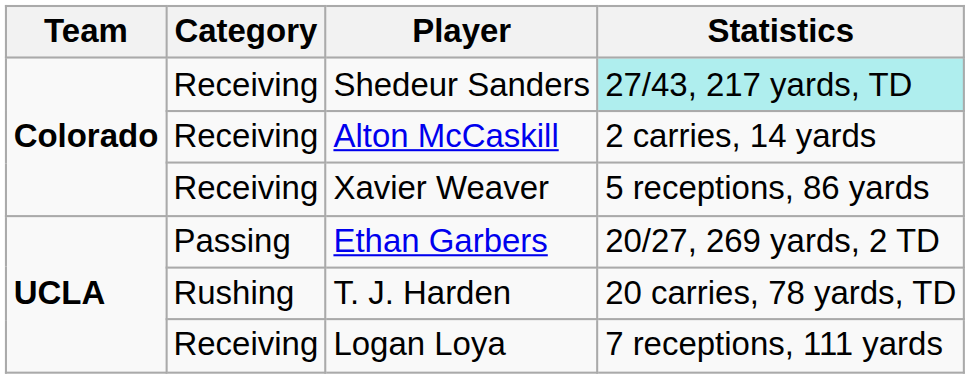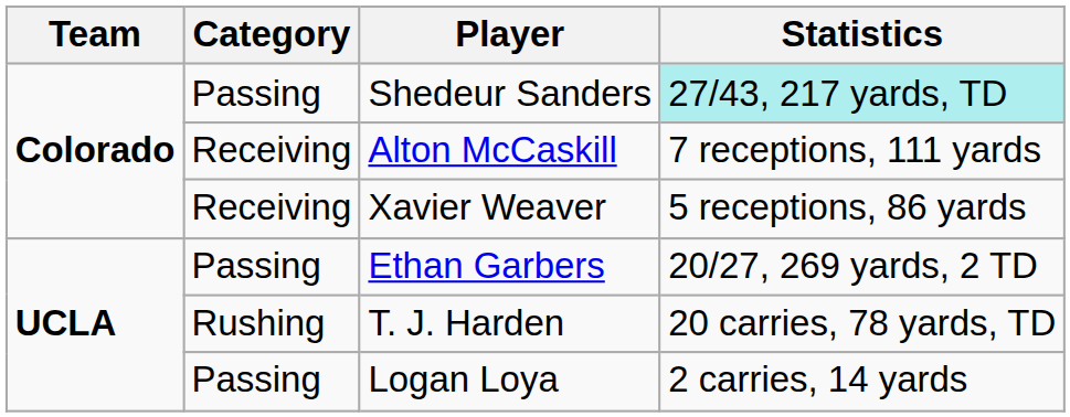 <table class="wikitable" style="float: right;">
 <tr>
 <th>Team</th>
 <th>Category</th>
 <th>Player</th>
 <th>Statistics</th>
 </tr>
 <tr>
 <td rowspan=3><strong>Colorado</strong></td>
-<td>Receiving</td>
+<td>Passing</td>
 <td>Shedeur Sanders</td>
 <td style="background: paleturquoise;">27/43, 217 yards, TD</td>
 </tr>
 <tr>
 <td>Receiving</td>
 <td><a href='#'>Alton McCaskill</a></td>
-<td>2 carries, 14 yards</td>
+<td>7 receptions, 111 yards</td>
 </tr>
 <tr>
 <td>Receiving</td>
 <td>Xavier Weaver</td>
 <td>5 receptions, 86 yards</td>
 </tr>
 <tr>
 <td rowspan=3><strong>UCLA</strong></td>
 <td>Passing</td>
 <td><a href='#'>Ethan Garbers</a></td>
 <td>20/27, 269 yards, 2 TD</td>
 </tr>
 <tr>
 <td>Rushing</td>
 <td>T. J. Harden</td>
 <td>20 carries, 78 yards, TD</td>
 </tr>
 <tr>
-<td>Receiving</td>
+<td>Passing</td>
 <td>Logan Loya</td>
-<td>7 receptions, 111 yards</td>
+<td>2 carries, 14 yards</td>
 </tr>
 </table>
